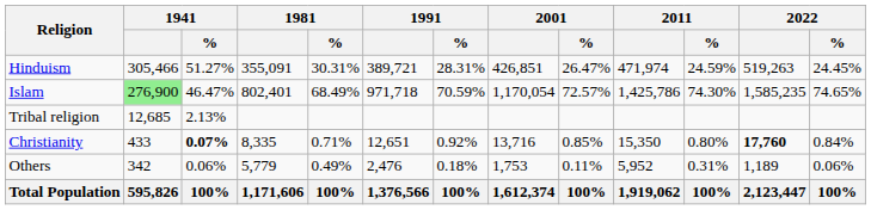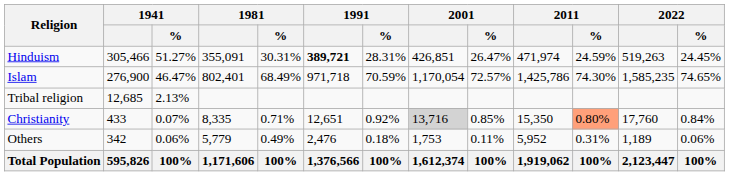 <table class="wikitable sortable">
 <tr>
 <th rowspan="2">Religion</th>
 <th colspan="2">1941</th>
 <th colspan="2">1981</th>
 <th colspan="2">1991</th>
 <th colspan="2">2001</th>
 <th colspan="2">2011</th>
 <th colspan="2">2022</th>
 </tr>
 <tr>
 <th></th>
 <th>%</th>
 <th></th>
 <th>%</th>
 <th></th>
 <th>%</th>
 <th></th>
 <th>%</th>
 <th></th>
 <th>%</th>
 <th></th>
 <th>%</th>
 </tr>
 <tr>
 <td><a href='#'>Hinduism</a> </td>
 <td>305,466</td>
 <td>51.27%</td>
 <td>355,091</td>
 <td>30.31%</td>
-<td>389,721</td>
+<td><strong>389,721</strong></td>
 <td>28.31%</td>
 <td>426,851</td>
 <td>26.47%</td>
 <td>471,974</td>
 <td>24.59%</td>
 <td>519,263</td>
 <td>24.45%</td>
 </tr>
 <tr>
 <td><a href='#'>Islam</a> </td>
-<td style="background: lightgreen;">276,900</td>
+<td>276,900</td>
 <td>46.47%</td>
 <td>802,401</td>
 <td>68.49%</td>
 <td>971,718</td>
 <td>70.59%</td>
 <td>1,170,054</td>
 <td>72.57%</td>
 <td>1,425,786</td>
 <td>74.30%</td>
 <td>1,585,235</td>
 <td>74.65%</td>
 </tr>
 <tr>
 <td>Tribal religion</td>
 <td>12,685</td>
 <td>2.13%</td>
 <td></td>
 <td></td>
 <td></td>
 <td></td>
 <td></td>
 <td></td>
 <td></td>
 <td></td>
 <td></td>
 <td></td>
 </tr>
 <tr>
 <td><a href='#'>Christianity</a> </td>
 <td>433</td>
-<td><strong>0.07%</strong></td>
+<td>0.07%</td>
 <td>8,335</td>
 <td>0.71%</td>
 <td>12,651</td>
 <td>0.92%</td>
-<td>13,716</td>
+<td style="background: lightgrey;">13,716</td>
 <td>0.85%</td>
 <td>15,350</td>
-<td>0.80%</td>
-<td><strong>17,760</strong></td>
+<td style="background: lightsalmon;">0.80%</td>
+<td>17,760</td>
 <td>0.84%</td>
 </tr>
 <tr>
 <td>Others</td>
 <td>342</td>
 <td>0.06%</td>
 <td>5,779</td>
 <td>0.49%</td>
 <td>2,476</td>
 <td>0.18%</td>
 <td>1,753</td>
 <td>0.11%</td>
 <td>5,952</td>
 <td>0.31%</td>
 <td>1,189</td>
 <td>0.06%</td>
 </tr>
 <tr>
 <th>Total Population</th>
 <th>595,826</th>
 <th>100%</th>
 <th>1,171,606</th>
 <th>100%</th>
 <th>1,376,566</th>
 <th>100%</th>
 <th>1,612,374</th>
 <th>100%</th>
 <th>1,919,062</th>
 <th>100%</th>
 <th>2,123,447</th>
 <th>100%</th>
 </tr>
 </table>
